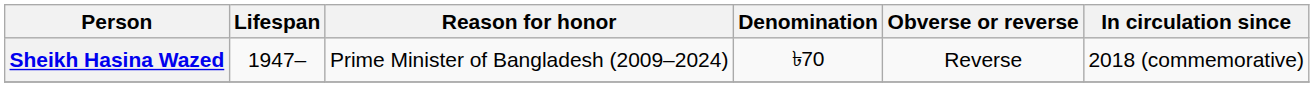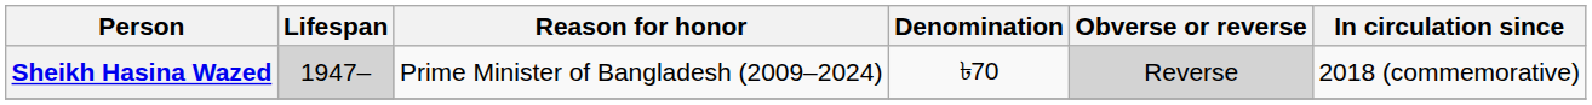 <table class="wikitable" style="font-size: 95%; text-align:center;">
 <tr>
 <th>Person</th>
 <th>Lifespan</th>
 <th>Reason for honor</th>
 <th>Denomination</th>
 <th>Obverse or reverse</th>
 <th>In circulation since</th>
 </tr>
 <tr>
 <th><a href='#'>Sheikh Hasina Wazed</a></th>
-<td>1947–</td>
+<td style="background: lightgrey;">1947–</td>
 <td>Prime Minister of Bangladesh (2009–2024)</td>
 <td>৳70</td>
-<td>Reverse</td>
+<td style="background: lightgrey;">Reverse</td>
 <td>2018 (commemorative)</td>
 </tr>
 <tr>
 </tr>
 </table>
